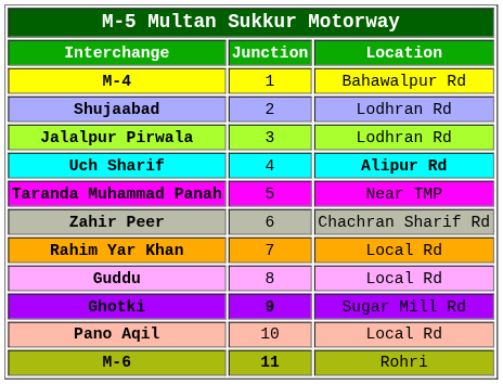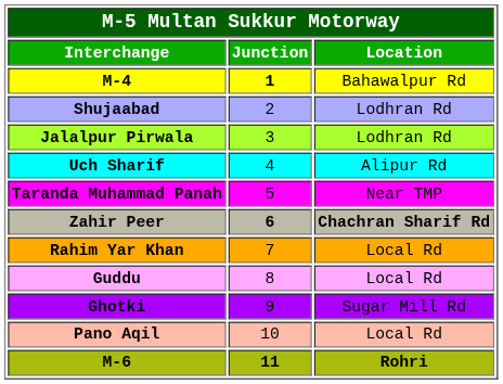 <table border=1 cellpadding=2style="margin-left:1em;margin-bottom:1em; color:black; border-collaps: collaps;font-size: 95%;">
 <tr align="center" style="background:#006000;color: white;font-size:120%;">
 <td colspan="3"><strong>M-5 Multan Sukkur Motorway</strong></td>
 </tr>
 <tr align="center" style="background:#0aaa00; color:white;">
 <td><strong>Interchange</strong></td>
 <td><strong>Junction</strong></td>
 <td><strong>Location</strong></td>
 </tr>
 <tr align="center">
 <td bgcolor="#ffff00"><strong>M-4</strong></td>
-<td bgcolor="#ffff00">1</td>
+<td bgcolor="#ffff00"><strong>1</strong></td>
 <td bgcolor="#ffff00">Bahawalpur Rd</td>
 </tr>
 <tr align="center">
 <td bgcolor="#aaaaff"><strong>Shujaabad</strong></td>
 <td bgcolor="#aaaaff">2</td>
 <td bgcolor="#aaaaff">Lodhran Rd</td>
 </tr>
 <tr align="center">
 <td bgcolor="#aaff2f"><strong>Jalalpur Pirwala</strong></td>
 <td bgcolor="#aaff2f">3</td>
 <td bgcolor="#aaff2f">Lodhran Rd</td>
 </tr>
 <tr align="center">
 <td bgcolor="#00ffff"><strong>Uch Sharif</strong></td>
 <td bgcolor="#00ffff">4</td>
-<td bgcolor="#00ffff"><strong>Alipur Rd</strong></td>
+<td bgcolor="#00ffff">Alipur Rd</td>
 </tr>
 <tr align="center">
 <td bgcolor="#ff00ff"><strong>Taranda Muhammad Panah</strong></td>
 <td bgcolor="#ff00ff">5</td>
 <td bgcolor="#ff00ff">Near TMP</td>
 </tr>
 <tr align="center">
 <td bgcolor="#bbbbaa"><strong>Zahir Peer</strong></td>
-<td bgcolor="#bbbbaa">6</td>
-<td bgcolor="#bbbbaa">Chachran Sharif Rd</td>
+<td bgcolor="#bbbbaa"><strong>6</strong></td>
+<td bgcolor="#bbbbaa"><strong>Chachran Sharif Rd</strong></td>
 </tr>
 <tr align="center">
 <td bgcolor="#ffaa00"><strong>Rahim Yar Khan</strong></td>
 <td bgcolor="#ffaa00">7</td>
 <td bgcolor="#ffaa00">Local Rd</td>
 </tr>
 <tr align="center">
 <td bgcolor="#ffaaff"><strong>Guddu</strong></td>
 <td bgcolor="#ffaaff">8</td>
 <td bgcolor="#ffaaff">Local Rd</td>
 </tr>
 <tr align="center">
 <td bgcolor="#aa00ff"><strong>Ghotki</strong></td>
-<td bgcolor="#aa00ff"><strong>9</strong></td>
+<td bgcolor="#aa00ff">9</td>
 <td bgcolor="#aa00ff">Sugar Mill Rd</td>
 </tr>
 <tr align="center">
 <td bgcolor="#ffbbaa"><strong>Pano Aqil</strong></td>
 <td bgcolor="#ffbbaa">10</td>
 <td bgcolor="#ffbbaa">Local Rd</td>
 </tr>
 <tr align="center">
 <td bgcolor="#aabbgf"><strong>M-6</strong></td>
 <td bgcolor="#aabbgf"><strong>11</strong></td>
-<td bgcolor="#aabbgf">Rohri</td>
+<td bgcolor="#aabbgf"><strong>Rohri</strong></td>
 </tr>
 </table>
